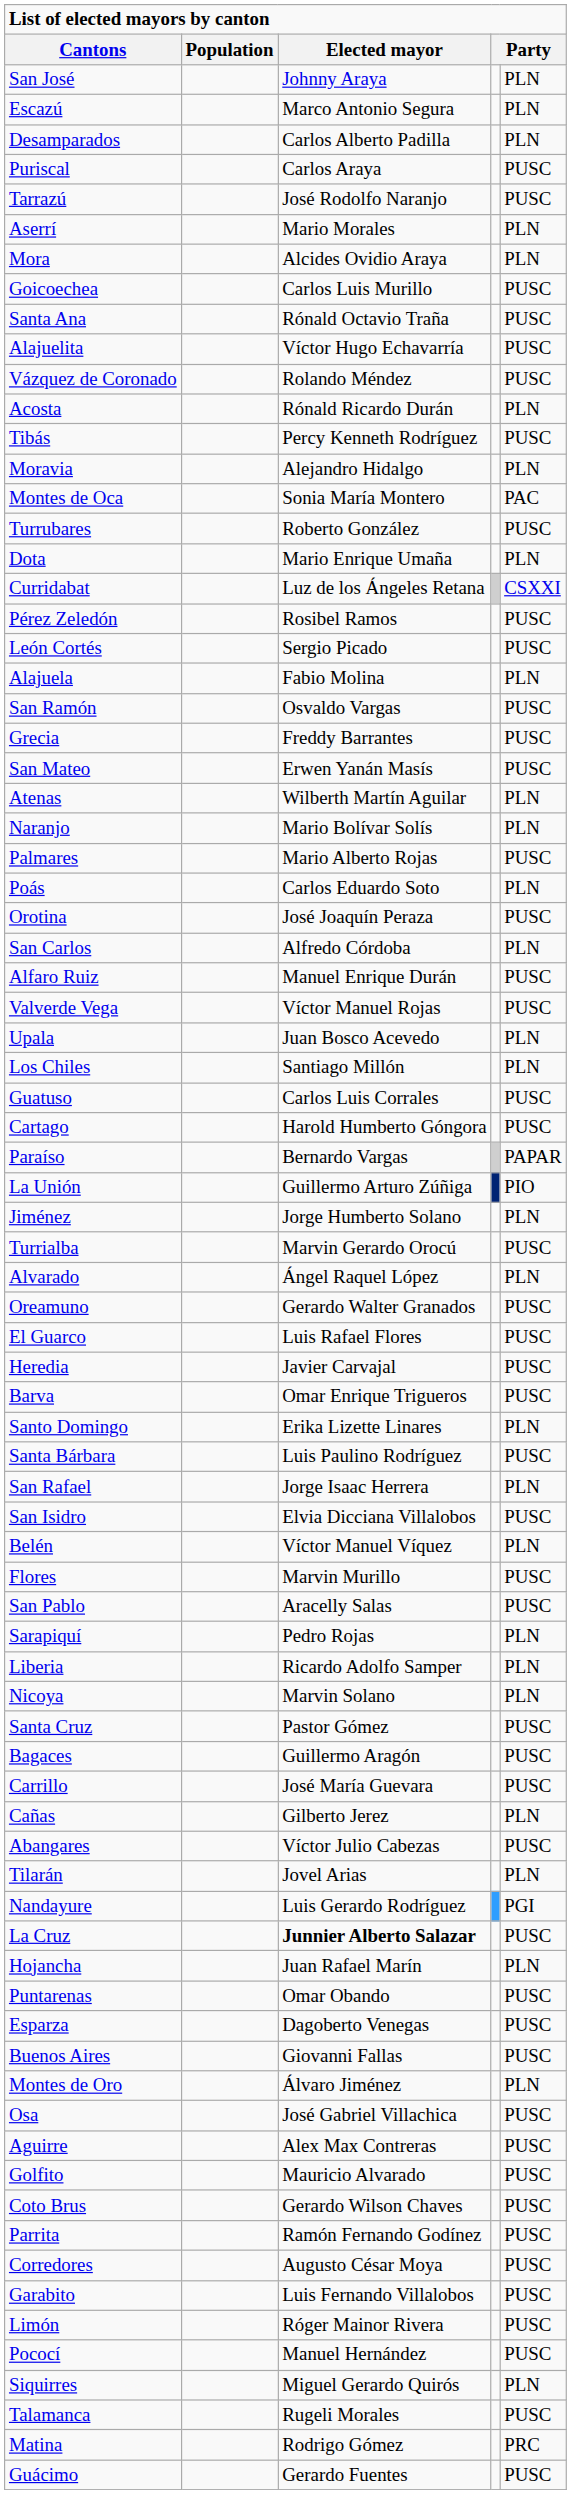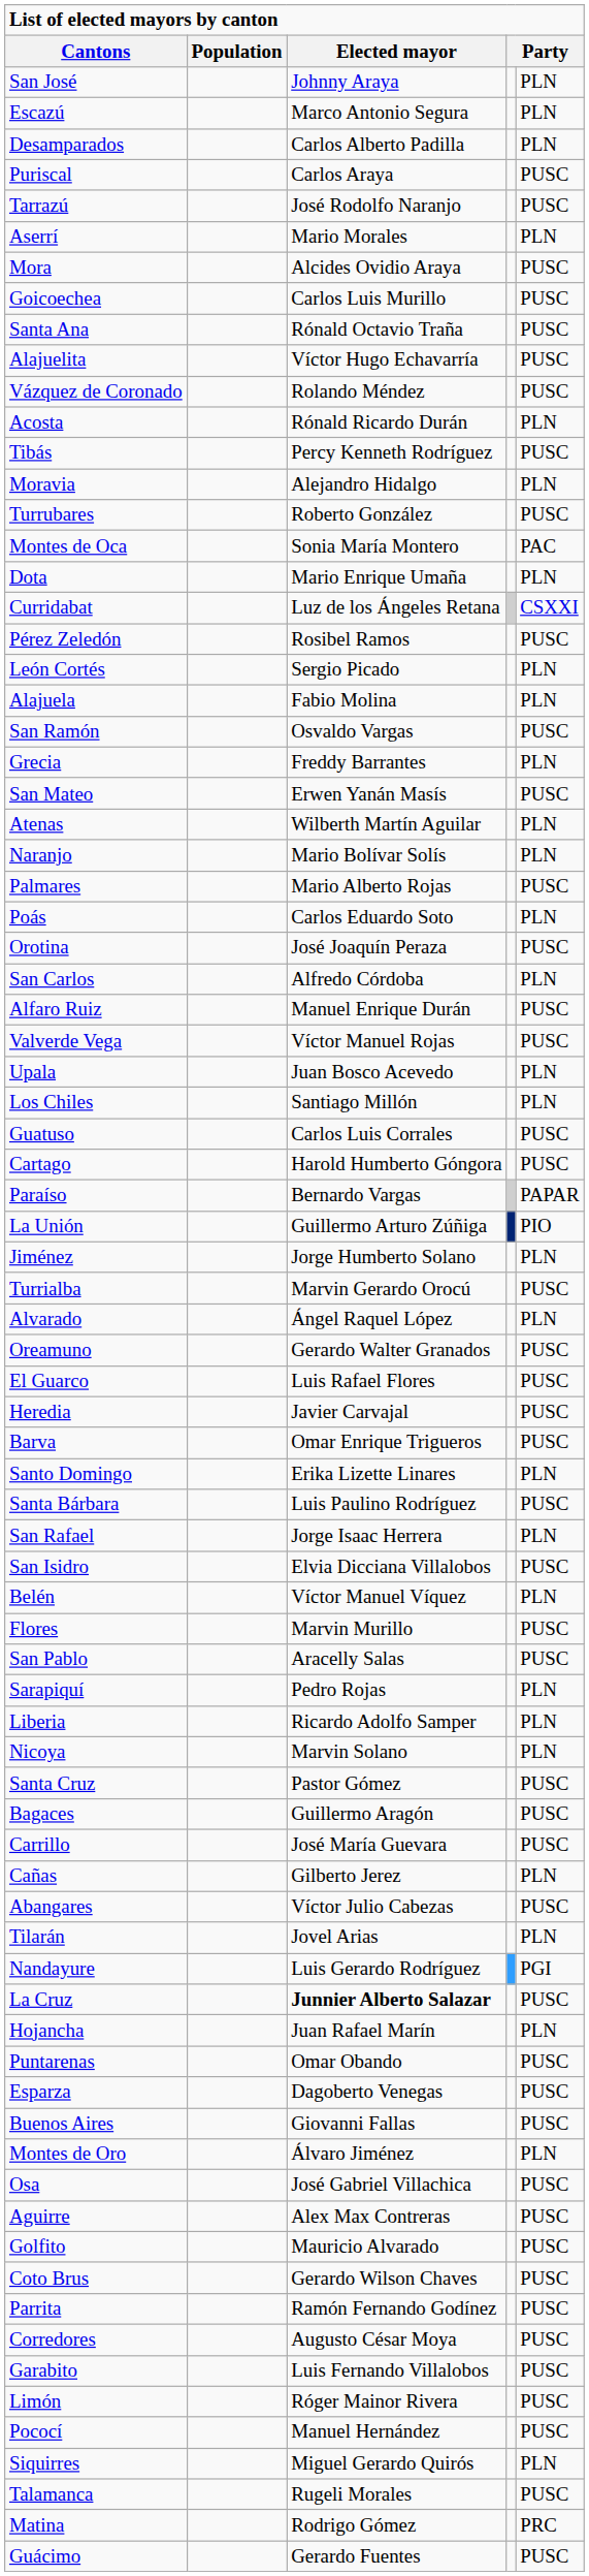 <table role="presentation" class="wikitable collapsible autocollapse">
 <tr>
 <td colspan=5><strong>List of elected mayors by canton</strong></td>
 </tr>
 <tr>
 <th><a href='#'>Cantons</a></th>
 <th>Population</th>
 <th>Elected mayor</th>
 <th colspan=2>Party</th>
 </tr>
 <tr>
 <td><a href='#'>San José</a></td>
 <td style="text-align: right"></td>
 <td><a href='#'>Johnny Araya</a></td>
 <td></td>
 <td>PLN</td>
 </tr>
 <tr>
 <td><a href='#'>Escazú</a></td>
 <td style="text-align: right"></td>
 <td>Marco Antonio Segura</td>
 <td></td>
 <td>PLN</td>
 </tr>
 <tr>
 <td><a href='#'>Desamparados</a></td>
 <td style="text-align: right"></td>
 <td>Carlos Alberto Padilla</td>
 <td></td>
 <td>PLN</td>
 </tr>
 <tr>
 <td><a href='#'>Puriscal</a></td>
 <td style="text-align: right"></td>
 <td>Carlos Araya</td>
 <td></td>
 <td>PUSC</td>
 </tr>
 <tr>
 <td><a href='#'>Tarrazú</a></td>
 <td style="text-align: right"></td>
 <td>José Rodolfo Naranjo</td>
 <td></td>
 <td>PUSC</td>
 </tr>
 <tr>
 <td><a href='#'>Aserrí</a></td>
 <td style="text-align: right"></td>
 <td>Mario Morales</td>
 <td></td>
 <td>PLN</td>
 </tr>
 <tr>
 <td><a href='#'>Mora</a></td>
 <td style="text-align: right"></td>
 <td>Alcides Ovidio Araya</td>
 <td></td>
-<td>PLN</td>
+<td>PUSC</td>
 </tr>
 <tr>
 <td><a href='#'>Goicoechea</a></td>
 <td style="text-align: right"></td>
 <td>Carlos Luis Murillo</td>
 <td></td>
 <td>PUSC</td>
 </tr>
 <tr>
 <td><a href='#'>Santa Ana</a></td>
 <td style="text-align: right"></td>
 <td>Rónald Octavio Traña</td>
 <td></td>
 <td>PUSC</td>
 </tr>
 <tr>
 <td><a href='#'>Alajuelita</a></td>
 <td style="text-align: right"></td>
 <td>Víctor Hugo Echavarría</td>
 <td></td>
 <td>PUSC</td>
 </tr>
 <tr>
 <td><a href='#'>Vázquez de Coronado</a></td>
 <td style="text-align: right"></td>
 <td>Rolando Méndez</td>
 <td></td>
 <td>PUSC</td>
 </tr>
 <tr>
 <td><a href='#'>Acosta</a></td>
 <td style="text-align: right"></td>
 <td>Rónald Ricardo Durán</td>
 <td></td>
 <td>PLN</td>
 </tr>
 <tr>
 <td><a href='#'>Tibás</a></td>
 <td style="text-align: right"></td>
 <td>Percy Kenneth Rodríguez</td>
 <td></td>
 <td>PUSC</td>
 </tr>
 <tr>
 <td><a href='#'>Moravia</a></td>
 <td style="text-align: right"></td>
 <td>Alejandro Hidalgo</td>
 <td></td>
 <td>PLN</td>
 </tr>
 <tr>
+<td><a href='#'>Turrubares</a></td>
+<td style="text-align: right"></td>
+<td>Roberto González</td>
+<td></td>
+<td>PUSC</td>
+</tr>
+<tr>
 <td><a href='#'>Montes de Oca</a></td>
 <td style="text-align: right"></td>
 <td>Sonia María Montero</td>
 <td></td>
 <td>PAC</td>
-</tr>
-<tr>
-<td><a href='#'>Turrubares</a></td>
-<td style="text-align: right"></td>
-<td>Roberto González</td>
-<td></td>
-<td>PUSC</td>
 </tr>
 <tr>
 <td><a href='#'>Dota</a></td>
 <td style="text-align: right"></td>
 <td>Mario Enrique Umaña</td>
 <td></td>
 <td>PLN</td>
 </tr>
 <tr>
 <td><a href='#'>Curridabat</a></td>
 <td style="text-align: right"></td>
 <td>Luz de los Ángeles Retana</td>
 <td bgcolor="#cfcfcf"></td>
 <td><a href='#'>CSXXI</a></td>
 </tr>
 <tr>
 <td><a href='#'>Pérez Zeledón</a></td>
 <td style="text-align: right"></td>
 <td>Rosibel Ramos</td>
 <td></td>
 <td>PUSC</td>
 </tr>
 <tr>
 <td><a href='#'>León Cortés</a></td>
 <td style="text-align: right"></td>
 <td>Sergio Picado</td>
 <td></td>
-<td>PUSC</td>
+<td>PLN</td>
 </tr>
 <tr>
 <td><a href='#'>Alajuela</a></td>
 <td style="text-align: right"></td>
 <td>Fabio Molina</td>
 <td></td>
 <td>PLN</td>
 </tr>
 <tr>
 <td><a href='#'>San Ramón</a></td>
 <td style="text-align: right"></td>
 <td>Osvaldo Vargas</td>
 <td></td>
 <td>PUSC</td>
 </tr>
 <tr>
 <td><a href='#'>Grecia</a></td>
 <td style="text-align: right"></td>
 <td>Freddy Barrantes</td>
 <td></td>
-<td>PUSC</td>
+<td>PLN</td>
 </tr>
 <tr>
 <td><a href='#'>San Mateo</a></td>
 <td style="text-align: right"></td>
 <td>Erwen Yanán Masís</td>
 <td></td>
 <td>PUSC</td>
 </tr>
 <tr>
 <td><a href='#'>Atenas</a></td>
 <td style="text-align: right"></td>
 <td>Wilberth Martín Aguilar</td>
 <td></td>
 <td>PLN</td>
 </tr>
 <tr>
 <td><a href='#'>Naranjo</a></td>
 <td style="text-align: right"></td>
 <td>Mario Bolívar Solís</td>
 <td></td>
 <td>PLN</td>
 </tr>
 <tr>
 <td><a href='#'>Palmares</a></td>
 <td style="text-align: right"></td>
 <td>Mario Alberto Rojas</td>
 <td></td>
 <td>PUSC</td>
 </tr>
 <tr>
 <td><a href='#'>Poás</a></td>
 <td style="text-align: right"></td>
 <td>Carlos Eduardo Soto</td>
 <td></td>
 <td>PLN</td>
 </tr>
 <tr>
 <td><a href='#'>Orotina</a></td>
 <td style="text-align: right"></td>
 <td>José Joaquín Peraza</td>
 <td></td>
 <td>PUSC</td>
 </tr>
 <tr>
 <td><a href='#'>San Carlos</a></td>
 <td style="text-align: right"></td>
 <td>Alfredo Córdoba</td>
 <td></td>
 <td>PLN</td>
 </tr>
 <tr>
 <td><a href='#'>Alfaro Ruiz</a></td>
 <td style="text-align: right"></td>
 <td>Manuel Enrique Durán</td>
 <td></td>
 <td>PUSC</td>
 </tr>
 <tr>
 <td><a href='#'>Valverde Vega</a></td>
 <td style="text-align: right"></td>
 <td>Víctor Manuel Rojas</td>
 <td></td>
 <td>PUSC</td>
 </tr>
 <tr>
 <td><a href='#'>Upala</a></td>
 <td style="text-align: right"></td>
 <td>Juan Bosco Acevedo</td>
 <td></td>
 <td>PLN</td>
 </tr>
 <tr>
 <td><a href='#'>Los Chiles</a></td>
 <td style="text-align: right"></td>
 <td>Santiago Millón</td>
 <td></td>
 <td>PLN</td>
 </tr>
 <tr>
 <td><a href='#'>Guatuso</a></td>
 <td style="text-align: right"></td>
 <td>Carlos Luis Corrales</td>
 <td></td>
 <td>PUSC</td>
 </tr>
 <tr>
 <td><a href='#'>Cartago</a></td>
 <td style="text-align: right"></td>
 <td>Harold Humberto Góngora</td>
 <td></td>
 <td>PUSC</td>
 </tr>
 <tr>
 <td><a href='#'>Paraíso</a></td>
 <td style="text-align: right"></td>
 <td>Bernardo Vargas</td>
 <td bgcolor="#cfcfcf"></td>
 <td>PAPAR</td>
 </tr>
 <tr>
 <td><a href='#'>La Unión</a></td>
 <td style="text-align: right"></td>
 <td>Guillermo Arturo Zúñiga</td>
 <td bgcolor="#002373"></td>
 <td>PIO</td>
 </tr>
 <tr>
 <td><a href='#'>Jiménez</a></td>
 <td style="text-align: right"></td>
 <td>Jorge Humberto Solano</td>
 <td></td>
 <td>PLN</td>
 </tr>
 <tr>
 <td><a href='#'>Turrialba</a></td>
 <td style="text-align: right"></td>
 <td>Marvin Gerardo Orocú</td>
 <td></td>
 <td>PUSC</td>
 </tr>
 <tr>
 <td><a href='#'>Alvarado</a></td>
 <td style="text-align: right"></td>
 <td>Ángel Raquel López</td>
 <td></td>
 <td>PLN</td>
 </tr>
 <tr>
 <td><a href='#'>Oreamuno</a></td>
 <td style="text-align: right"></td>
 <td>Gerardo Walter Granados</td>
 <td></td>
 <td>PUSC</td>
 </tr>
 <tr>
 <td><a href='#'>El Guarco</a></td>
 <td style="text-align: right"></td>
 <td>Luis Rafael Flores</td>
 <td></td>
 <td>PUSC</td>
 </tr>
 <tr>
 <td><a href='#'>Heredia</a></td>
 <td style="text-align: right"></td>
 <td>Javier Carvajal</td>
 <td></td>
 <td>PUSC</td>
 </tr>
 <tr>
 <td><a href='#'>Barva</a></td>
 <td style="text-align: right"></td>
 <td>Omar Enrique Trigueros</td>
 <td></td>
 <td>PUSC</td>
 </tr>
 <tr>
 <td><a href='#'>Santo Domingo</a></td>
 <td style="text-align: right"></td>
 <td>Erika Lizette Linares</td>
 <td></td>
 <td>PLN</td>
 </tr>
 <tr>
 <td><a href='#'>Santa Bárbara</a></td>
 <td style="text-align: right"></td>
 <td>Luis Paulino Rodríguez</td>
 <td></td>
 <td>PUSC</td>
 </tr>
 <tr>
 <td><a href='#'>San Rafael</a></td>
 <td style="text-align: right"></td>
 <td>Jorge Isaac Herrera</td>
 <td></td>
 <td>PLN</td>
 </tr>
 <tr>
 <td><a href='#'>San Isidro</a></td>
 <td style="text-align: right"></td>
 <td>Elvia Dicciana Villalobos</td>
 <td></td>
 <td>PUSC</td>
 </tr>
 <tr>
 <td><a href='#'>Belén</a></td>
 <td style="text-align: right"></td>
 <td>Víctor Manuel Víquez</td>
 <td></td>
 <td>PLN</td>
 </tr>
 <tr>
 <td><a href='#'>Flores</a></td>
 <td style="text-align: right"></td>
 <td>Marvin Murillo</td>
 <td></td>
 <td>PUSC</td>
 </tr>
 <tr>
 <td><a href='#'>San Pablo</a></td>
 <td style="text-align: right"></td>
 <td>Aracelly Salas</td>
 <td></td>
 <td>PUSC</td>
 </tr>
 <tr>
 <td><a href='#'>Sarapiquí</a></td>
 <td style="text-align: right"></td>
 <td>Pedro Rojas</td>
 <td></td>
 <td>PLN</td>
 </tr>
 <tr>
 <td><a href='#'>Liberia</a></td>
 <td style="text-align: right"></td>
 <td>Ricardo Adolfo Samper</td>
 <td></td>
 <td>PLN</td>
 </tr>
 <tr>
 <td><a href='#'>Nicoya</a></td>
 <td style="text-align: right"></td>
 <td>Marvin Solano</td>
 <td></td>
 <td>PLN</td>
 </tr>
 <tr>
 <td><a href='#'>Santa Cruz</a></td>
 <td style="text-align: right"></td>
 <td>Pastor Gómez</td>
 <td></td>
 <td>PUSC</td>
 </tr>
 <tr>
 <td><a href='#'>Bagaces</a></td>
 <td style="text-align: right"></td>
 <td>Guillermo Aragón</td>
 <td></td>
 <td>PUSC</td>
 </tr>
 <tr>
 <td><a href='#'>Carrillo</a></td>
 <td style="text-align: right"></td>
 <td>José María Guevara</td>
 <td></td>
 <td>PUSC</td>
 </tr>
 <tr>
 <td><a href='#'>Cañas</a></td>
 <td style="text-align: right"></td>
 <td>Gilberto Jerez</td>
 <td></td>
 <td>PLN</td>
 </tr>
 <tr>
 <td><a href='#'>Abangares</a></td>
 <td style="text-align: right"></td>
 <td>Víctor Julio Cabezas</td>
 <td></td>
 <td>PUSC</td>
 </tr>
 <tr>
 <td><a href='#'>Tilarán</a></td>
 <td style="text-align: right"></td>
 <td>Jovel Arias</td>
 <td></td>
 <td>PLN</td>
 </tr>
 <tr>
 <td><a href='#'>Nandayure</a></td>
 <td style="text-align: right"></td>
 <td>Luis Gerardo Rodríguez</td>
 <td bgcolor="#2e9eff"></td>
 <td>PGI</td>
 </tr>
 <tr>
 <td><a href='#'>La Cruz</a></td>
 <td style="text-align: right"></td>
 <td><strong>Junnier Alberto Salazar</strong></td>
 <td></td>
 <td>PUSC</td>
 </tr>
 <tr>
 <td><a href='#'>Hojancha</a></td>
 <td style="text-align: right"></td>
 <td>Juan Rafael Marín</td>
 <td></td>
 <td>PLN</td>
 </tr>
 <tr>
 <td><a href='#'>Puntarenas</a></td>
 <td style="text-align: right"></td>
 <td>Omar Obando</td>
 <td></td>
 <td>PUSC</td>
 </tr>
 <tr>
 <td><a href='#'>Esparza</a></td>
 <td style="text-align: right"></td>
 <td>Dagoberto Venegas</td>
 <td></td>
 <td>PUSC</td>
 </tr>
 <tr>
 <td><a href='#'>Buenos Aires</a></td>
 <td style="text-align: right"></td>
 <td>Giovanni Fallas</td>
 <td></td>
 <td>PUSC</td>
 </tr>
 <tr>
 <td><a href='#'>Montes de Oro</a></td>
 <td style="text-align: right"></td>
 <td>Álvaro Jiménez</td>
 <td></td>
 <td>PLN</td>
 </tr>
 <tr>
 <td><a href='#'>Osa</a></td>
 <td style="text-align: right"></td>
 <td>José Gabriel Villachica</td>
 <td></td>
 <td>PUSC</td>
 </tr>
 <tr>
 <td><a href='#'>Aguirre</a></td>
 <td style="text-align: right"></td>
 <td>Alex Max Contreras</td>
 <td></td>
 <td>PUSC</td>
 </tr>
 <tr>
 <td><a href='#'>Golfito</a></td>
 <td style="text-align: right"></td>
 <td>Mauricio Alvarado</td>
 <td></td>
 <td>PUSC</td>
 </tr>
 <tr>
 <td><a href='#'>Coto Brus</a></td>
 <td style="text-align: right"></td>
 <td>Gerardo Wilson Chaves</td>
 <td></td>
 <td>PUSC</td>
 </tr>
 <tr>
 <td><a href='#'>Parrita</a></td>
 <td style="text-align: right"></td>
 <td>Ramón Fernando Godínez</td>
 <td></td>
 <td>PUSC</td>
 </tr>
 <tr>
 <td><a href='#'>Corredores</a></td>
 <td style="text-align: right"></td>
 <td>Augusto César Moya</td>
 <td></td>
 <td>PUSC</td>
 </tr>
 <tr>
 <td><a href='#'>Garabito</a></td>
 <td style="text-align: right"></td>
 <td>Luis Fernando Villalobos</td>
 <td></td>
 <td>PUSC</td>
 </tr>
 <tr>
 <td><a href='#'>Limón</a></td>
 <td style="text-align: right"></td>
 <td>Róger Mainor Rivera</td>
 <td></td>
 <td>PUSC</td>
 </tr>
 <tr>
 <td><a href='#'>Pococí</a></td>
 <td style="text-align: right"></td>
 <td>Manuel Hernández</td>
 <td></td>
 <td>PUSC</td>
 </tr>
 <tr>
 <td><a href='#'>Siquirres</a></td>
 <td style="text-align: right"></td>
 <td>Miguel Gerardo Quirós</td>
 <td></td>
 <td>PLN</td>
 </tr>
 <tr>
 <td><a href='#'>Talamanca</a></td>
 <td style="text-align: right"></td>
 <td>Rugeli Morales</td>
 <td></td>
 <td>PUSC</td>
 </tr>
 <tr>
 <td><a href='#'>Matina</a></td>
 <td style="text-align: right"></td>
 <td>Rodrigo Gómez</td>
 <td></td>
 <td>PRC</td>
 </tr>
 <tr>
 <td><a href='#'>Guácimo</a></td>
 <td style="text-align: right"></td>
 <td>Gerardo Fuentes</td>
 <td></td>
 <td>PUSC</td>
 </tr>
 </table>
